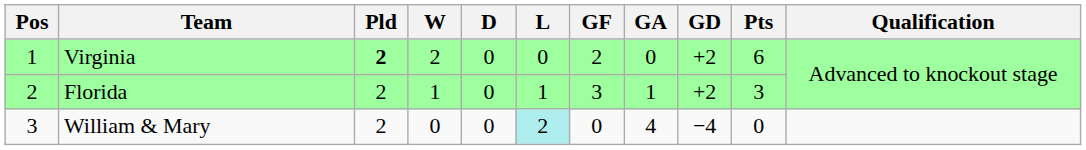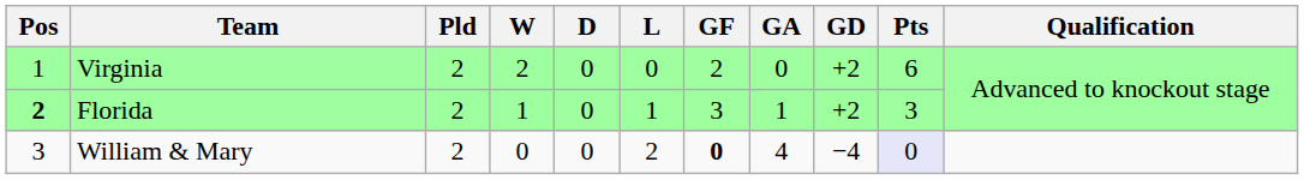 <table class="wikitable" style="text-align:center; margin: 1em auto">
 <tr>
 <th style="width:2em">Pos</th>
 <th style="width:13em">Team</th>
 <th style="width:2em">Pld</th>
 <th style="width:2em">W</th>
 <th style="width:2em">D</th>
 <th style="width:2em">L</th>
 <th style="width:2em">GF</th>
 <th style="width:2em">GA</th>
 <th style="width:2em">GD</th>
 <th style="width:2em">Pts</th>
 <th style="width:13em">Qualification</th>
 </tr>
 <tr bgcolor="#9eff9e">
 <td>1</td>
 <td style="text-align:left">Virginia</td>
-<td><strong>2</strong></td>
+<td>2</td>
 <td>2</td>
 <td>0</td>
 <td>0</td>
 <td>2</td>
 <td>0</td>
 <td>+2</td>
 <td>6</td>
 <td rowspan="2">Advanced to knockout stage</td>
 </tr>
 <tr bgcolor="#9eff9e">
-<td>2</td>
+<td><strong>2</strong></td>
 <td style="text-align:left">Florida</td>
 <td>2</td>
 <td>1</td>
 <td>0</td>
 <td>1</td>
 <td>3</td>
 <td>1</td>
 <td>+2</td>
 <td>3</td>
 </tr>
 <tr>
 <td>3</td>
 <td style="text-align:left">William & Mary</td>
 <td>2</td>
 <td>0</td>
 <td>0</td>
-<td style="background: paleturquoise;">2</td>
-<td>0</td>
+<td>2</td>
+<td><strong>0</strong></td>
 <td>4</td>
 <td>−4</td>
-<td>0</td>
+<td style="background: lavender;">0</td>
 <td></td>
 </tr>
 </table>
